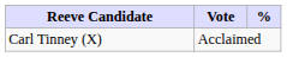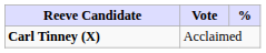 <table class="wikitable">
 <tr>
 <th style="background:#ddf; width:200px;">Reeve Candidate</th>
 <th style="background:#ddf; width:50px;">Vote</th>
 <th style="background:#ddf; width:30px;">%</th>
 </tr>
 <tr>
-<td>Carl Tinney (X)</td>
+<td><strong>Carl Tinney (X)</strong></td>
 <td colspan="2">Acclaimed</td>
 </tr>
 </table>
